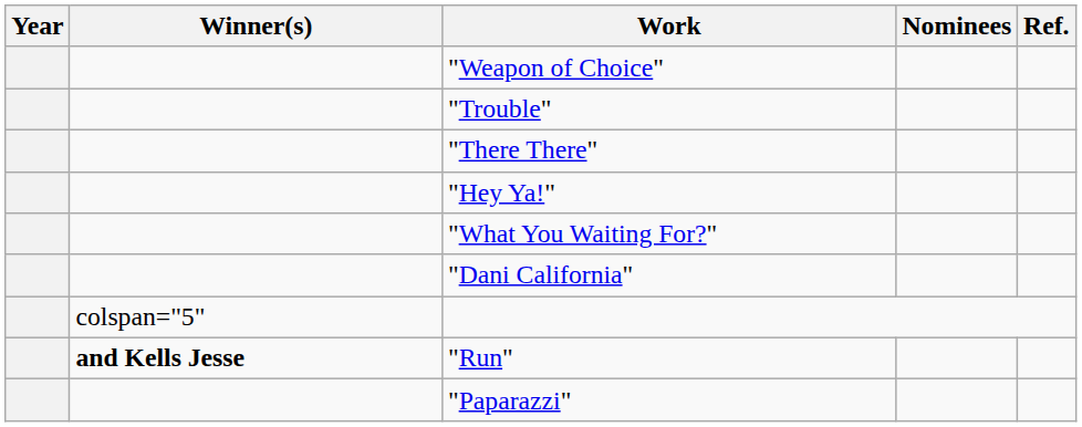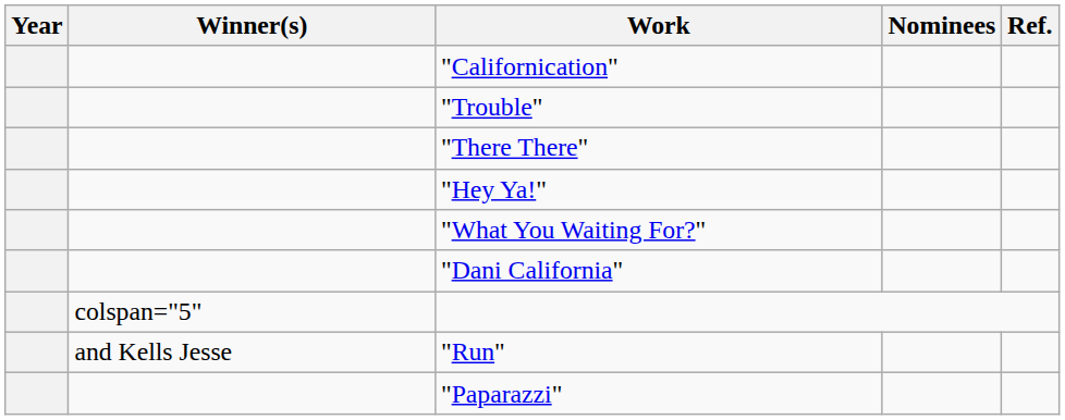 <table class="wikitable sortable">
 <tr>
 <th scope="col" style="width:5px;">Year</th>
 <th scope="col" style="width:220px;">Winner(s)</th>
 <th scope="col" style="width:270px;">Work</th>
 <th scope="col" class="unsortable">Nominees</th>
 <th scope="col" class="unsortable">Ref.</th>
 </tr>
 <tr>
 <th scope="row"></th>
 <td></td>
-<td>"<a href='#'>Weapon of Choice</a>" </td>
+<td>"<a href='#'>Californication</a>" </td>
 <td></td>
 <td align="center"></td>
 </tr>
 <tr>
 <th scope="row"></th>
 <td></td>
 <td>"<a href='#'>Trouble</a>" </td>
 <td></td>
 <td align="center"></td>
 </tr>
 <tr>
 <th scope="row"></th>
 <td></td>
 <td>"<a href='#'>There There</a>" </td>
 <td></td>
 <td align="center"></td>
 </tr>
 <tr>
 <th scope="row"></th>
 <td></td>
 <td>"<a href='#'>Hey Ya!</a>" </td>
 <td></td>
 <td align="center"></td>
 </tr>
 <tr>
 <th scope="row"></th>
 <td></td>
 <td>"<a href='#'>What You Waiting For?</a>" </td>
 <td></td>
 <td align="center"></td>
 </tr>
 <tr>
 <th scope="row"></th>
 <td></td>
 <td>"<a href='#'>Dani California</a>" </td>
 <td></td>
 <td align="center"></td>
 </tr>
 <tr>
 <th scope="row"></th>
 <td>colspan="5" </td>
 </tr>
 <tr>
 <th scope="row"></th>
-<td><strong> and Kells Jesse</strong></td>
+<td> and Kells Jesse</td>
 <td>"<a href='#'>Run</a>" </td>
 <td></td>
 <td align="center"></td>
 </tr>
 <tr>
 <th scope="row"></th>
 <td></td>
 <td>"<a href='#'>Paparazzi</a>" </td>
 <td></td>
 <td align="center"></td>
 </tr>
 </table>
